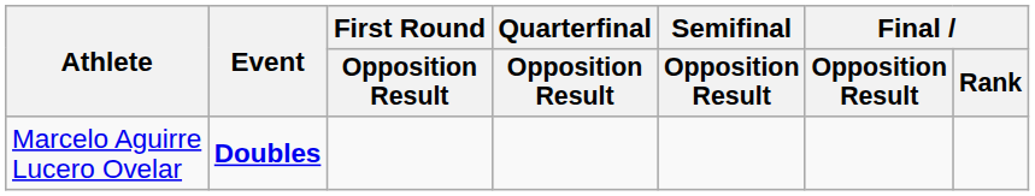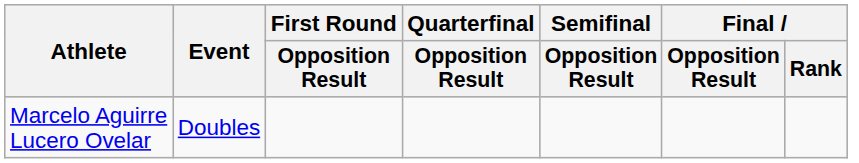 <table class=wikitable style=font-size:90%;text-align:center>
 <tr>
 <th rowspan=2>Athlete</th>
 <th rowspan=2>Event</th>
 <th>First Round</th>
 <th>Quarterfinal</th>
 <th>Semifinal</th>
 <th colspan=2>Final / </th>
 </tr>
 <tr style=font-size:95%>
 <th>Opposition<br>Result</th>
 <th>Opposition<br>Result</th>
 <th>Opposition<br>Result</th>
 <th>Opposition<br>Result</th>
 <th>Rank</th>
 </tr>
 <tr>
 <td align=left><a href='#'>Marcelo Aguirre</a><br><a href='#'>Lucero Ovelar</a></td>
-<td align=left><strong><a href='#'>Doubles</a></strong></td>
+<td align=left><a href='#'>Doubles</a></td>
 <td></td>
 <td></td>
 <td></td>
 <td></td>
 <td></td>
 </tr>
 </table>
